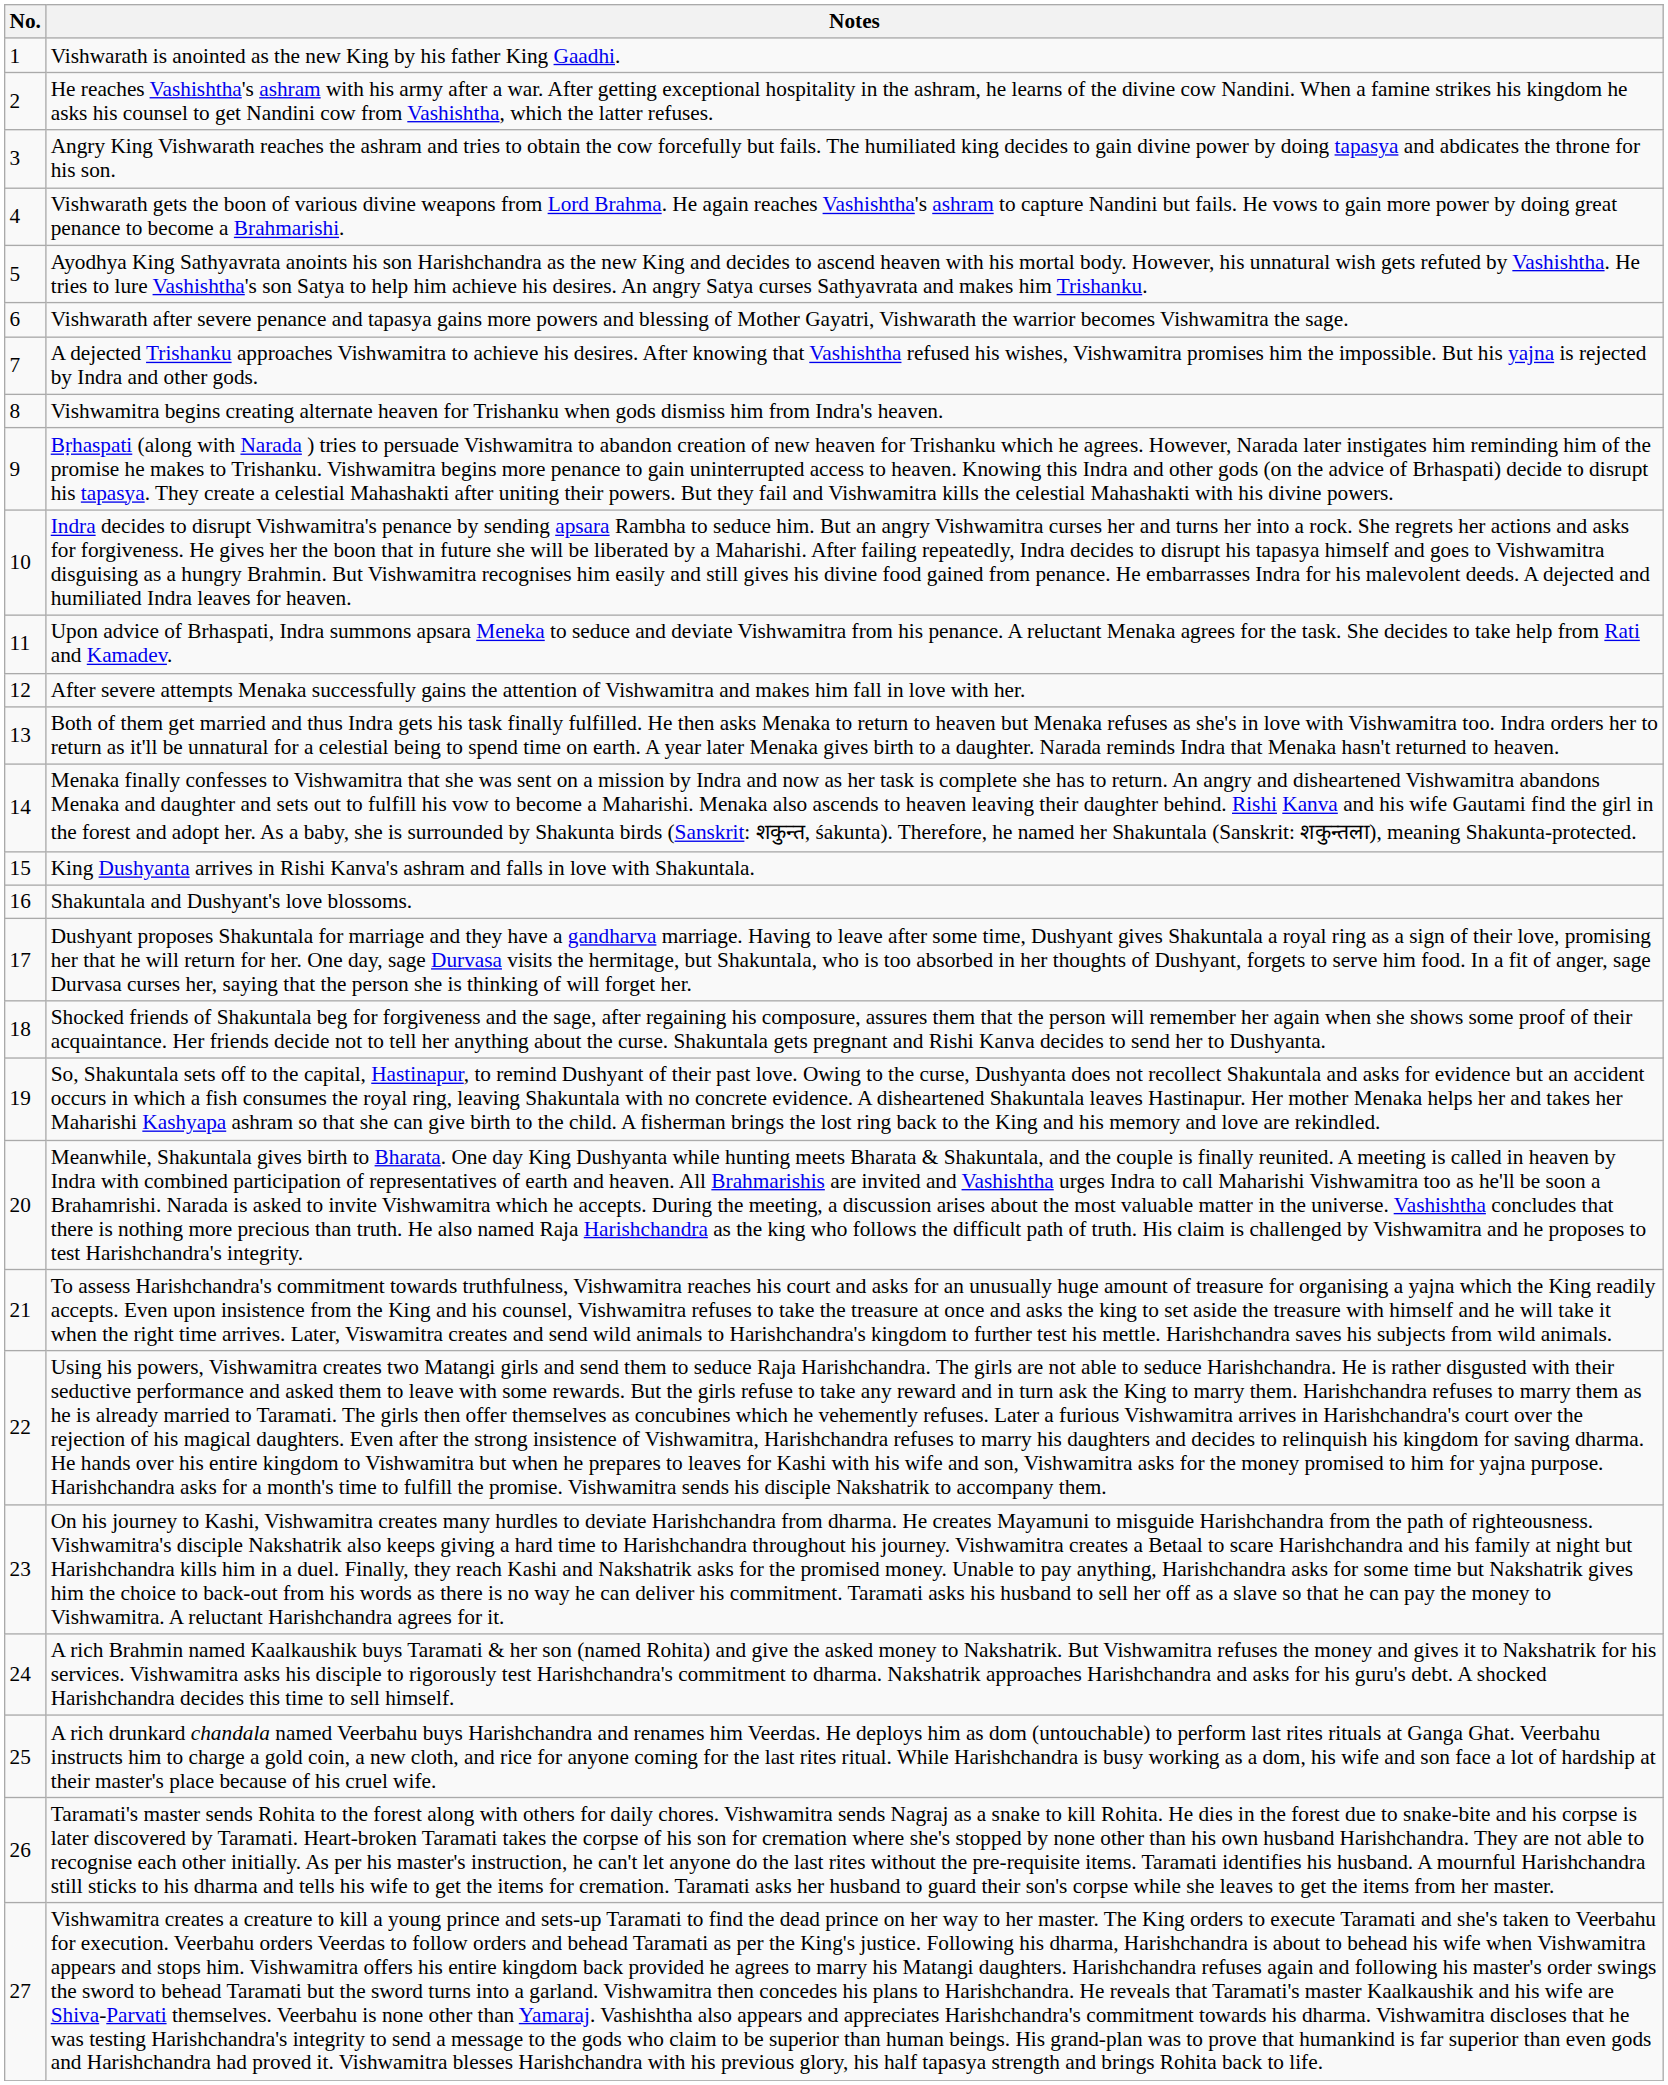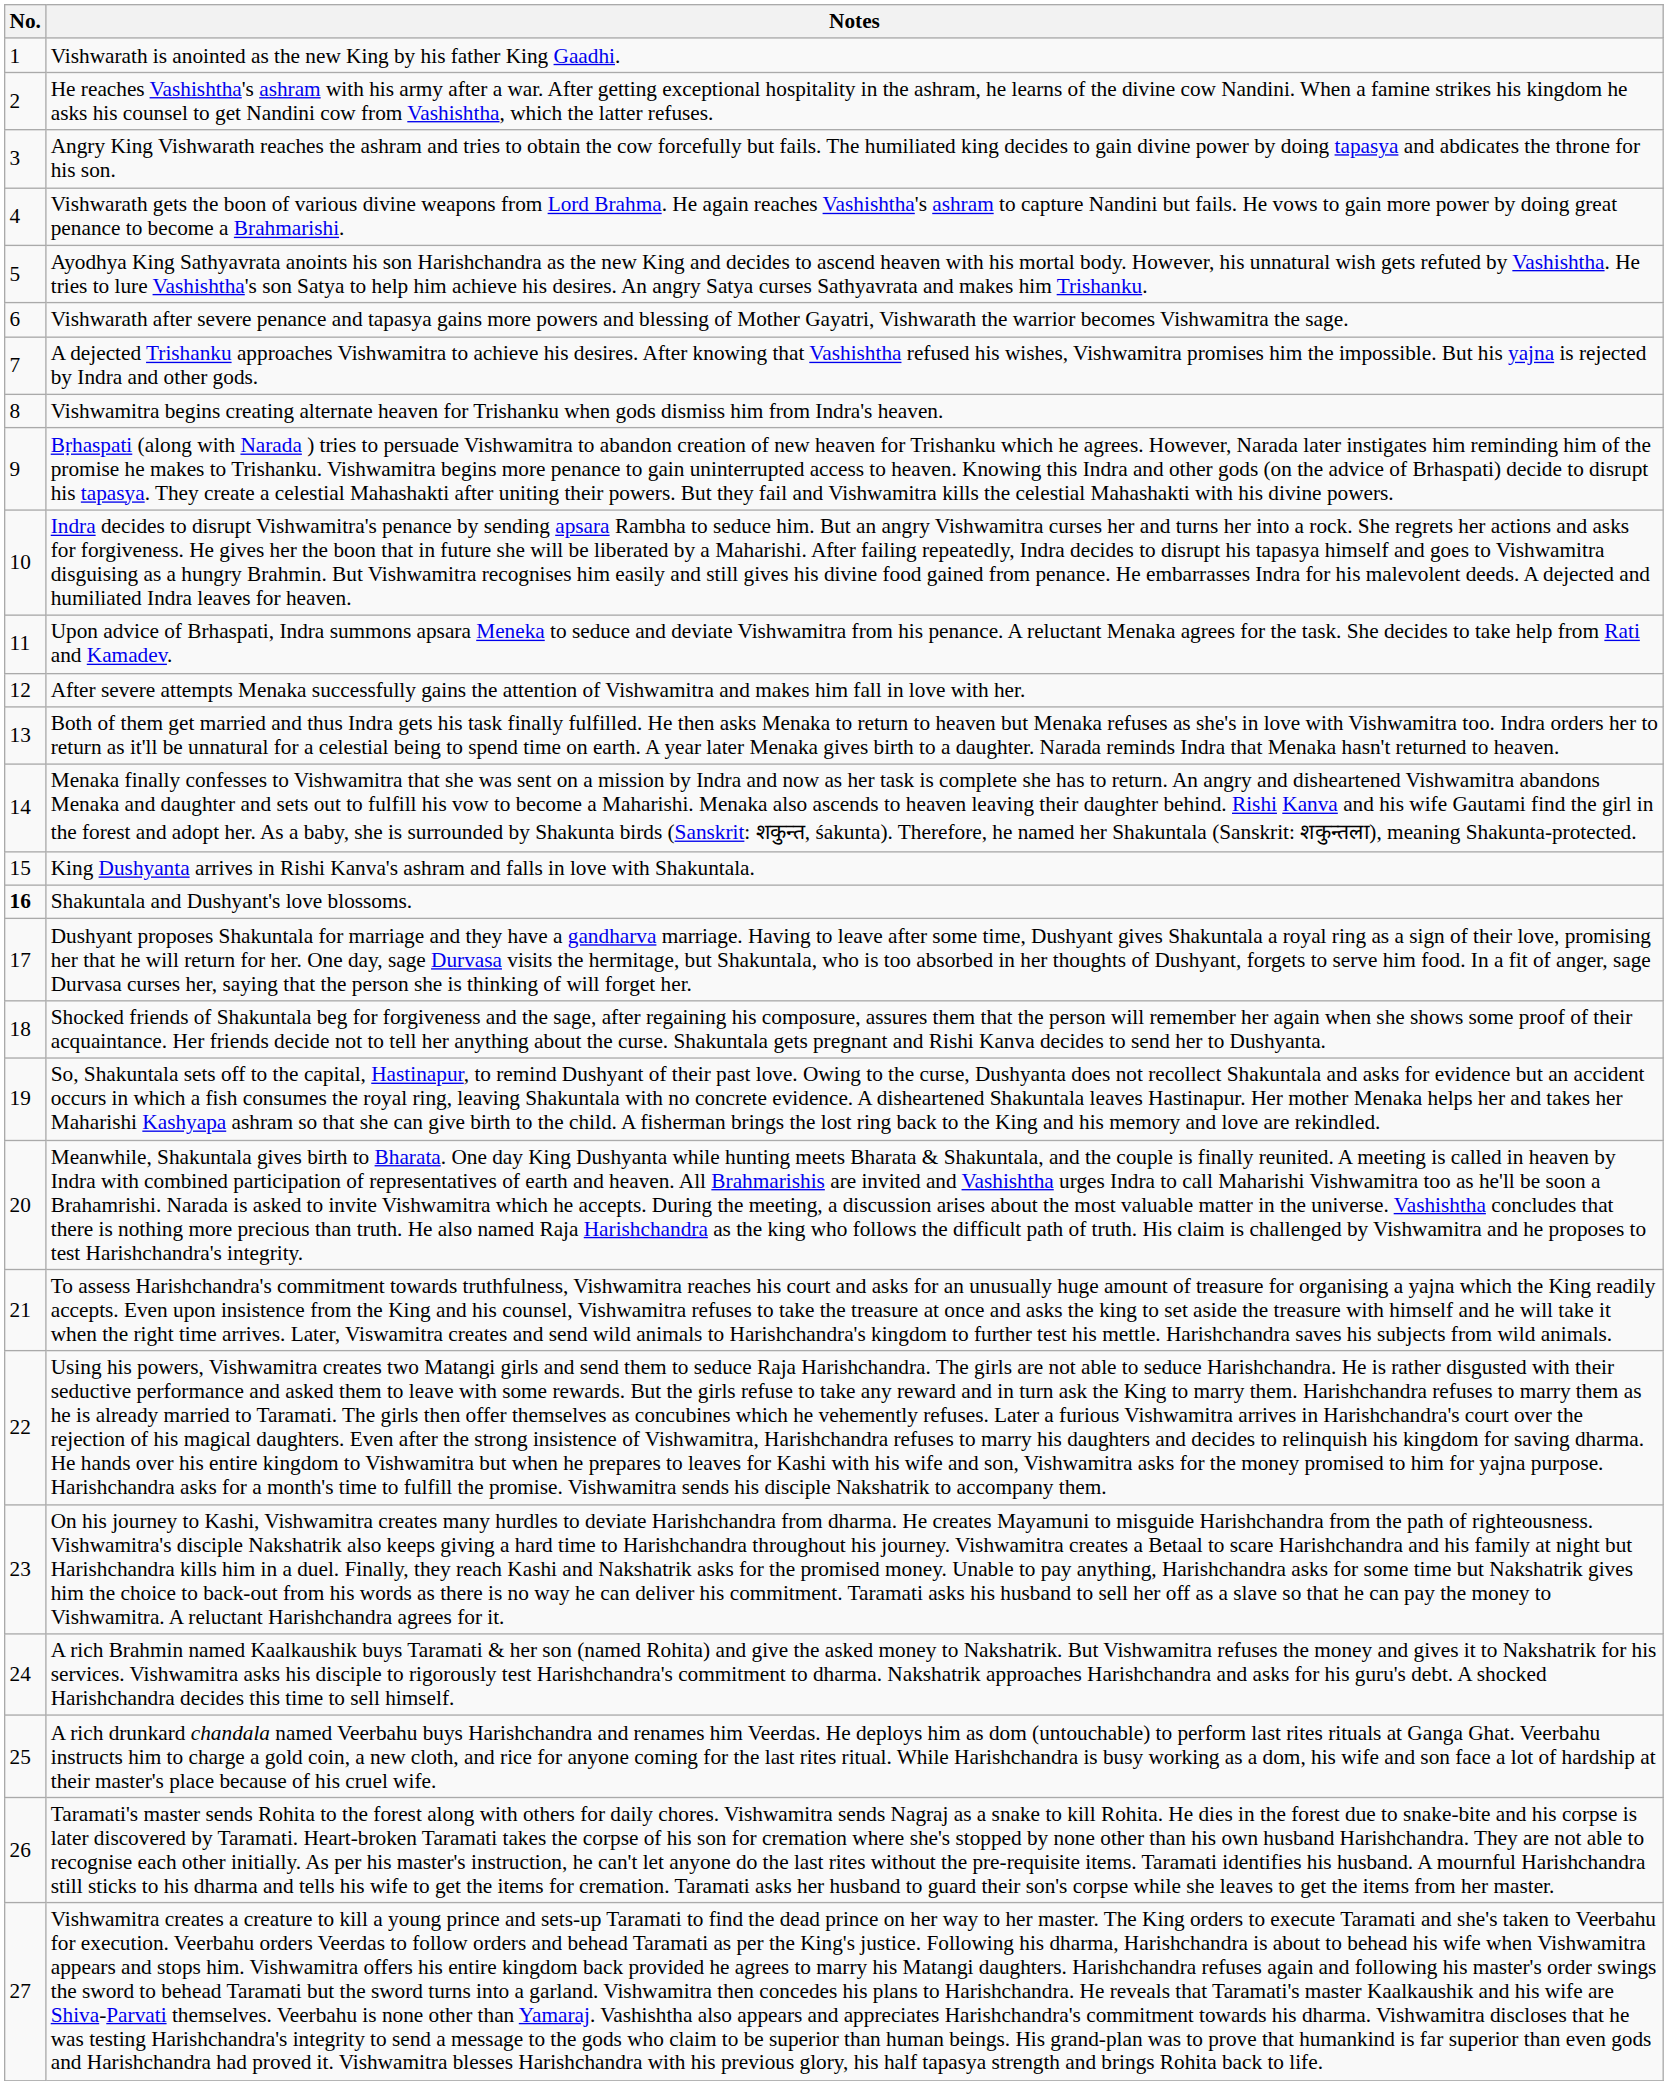 <table class="wikitable">
 <tr>
 <th>No.</th>
 <th>Notes</th>
 </tr>
 <tr>
 <td>1</td>
 <td>Vishwarath is anointed as the new King by his father King <a href='#'>Gaadhi</a>.</td>
 </tr>
 <tr>
 <td>2</td>
 <td>He reaches <a href='#'>Vashishtha</a>'s <a href='#'>ashram</a> with his army after a war. After getting exceptional hospitality in the ashram, he learns of the divine cow Nandini. When a famine strikes his kingdom he asks his counsel to get Nandini cow from <a href='#'>Vashishtha</a>, which the latter refuses.</td>
 </tr>
 <tr>
 <td>3</td>
 <td>Angry King Vishwarath reaches the ashram and tries to obtain the cow forcefully but fails. The humiliated king decides to gain divine power by doing <a href='#'>tapasya</a> and abdicates the throne for his son.</td>
 </tr>
 <tr>
 <td>4</td>
 <td>Vishwarath gets the boon of various divine weapons from <a href='#'>Lord Brahma</a>. He again reaches <a href='#'>Vashishtha</a>'s <a href='#'>ashram</a> to capture Nandini but fails. He vows to gain more power by doing great penance to become a <a href='#'>Brahmarishi</a>.</td>
 </tr>
 <tr>
 <td>5</td>
 <td>Ayodhya King Sathyavrata anoints his son Harishchandra as the new King and decides to ascend heaven with his mortal body. However, his unnatural wish gets refuted by <a href='#'>Vashishtha</a>. He tries to lure <a href='#'>Vashishtha</a>'s son Satya to help him achieve his desires. An angry Satya curses Sathyavrata and makes him <a href='#'>Trishanku</a>.</td>
 </tr>
 <tr>
 <td>6</td>
 <td>Vishwarath after severe penance and tapasya gains more powers and blessing of Mother Gayatri, Vishwarath the warrior becomes Vishwamitra the sage.</td>
 </tr>
 <tr>
 <td>7</td>
 <td>A dejected <a href='#'>Trishanku</a> approaches Vishwamitra to achieve his desires. After knowing that <a href='#'>Vashishtha</a> refused his wishes, Vishwamitra promises him the impossible. But his <a href='#'>yajna</a> is rejected by Indra and other gods.</td>
 </tr>
 <tr>
 <td>8</td>
 <td>Vishwamitra begins creating alternate heaven for Trishanku when gods dismiss him from Indra's heaven.</td>
 </tr>
 <tr>
 <td>9</td>
 <td><a href='#'>Bṛhaspati</a> (along with <a href='#'>Narada</a> ) tries to persuade Vishwamitra to abandon creation of new heaven for Trishanku which he agrees. However, Narada later instigates him reminding him of the promise he makes to Trishanku. Vishwamitra begins more penance to gain uninterrupted access to heaven. Knowing this Indra and other gods (on the advice of Brhaspati) decide to disrupt his <a href='#'>tapasya</a>. They create a celestial Mahashakti after uniting their powers. But they fail and Vishwamitra kills the celestial Mahashakti with his divine powers.</td>
 </tr>
 <tr>
 <td>10</td>
 <td><a href='#'>Indra</a> decides to disrupt Vishwamitra's penance by sending <a href='#'>apsara</a> Rambha to seduce him. But an angry Vishwamitra curses her and turns her into a rock. She regrets her actions and asks for forgiveness. He gives her the boon that in future she will be liberated by a Maharishi. After failing repeatedly, Indra decides to disrupt his tapasya himself and goes to Vishwamitra disguising as a hungry Brahmin. But Vishwamitra recognises him easily and still gives his divine food gained from penance. He embarrasses Indra for his malevolent deeds. A dejected and humiliated Indra leaves for heaven.</td>
 </tr>
 <tr>
 <td>11</td>
 <td>Upon advice of Brhaspati, Indra summons apsara <a href='#'>Meneka</a> to seduce and deviate Vishwamitra from his penance. A reluctant Menaka agrees for the task. She decides to take help from <a href='#'>Rati</a> and <a href='#'>Kamadev</a>.</td>
 </tr>
 <tr>
 <td>12</td>
 <td>After severe attempts Menaka successfully gains the attention of Vishwamitra and makes him fall in love with her.</td>
 </tr>
 <tr>
 <td>13</td>
 <td>Both of them get married and thus Indra gets his task finally fulfilled. He then asks Menaka to return to heaven but Menaka refuses as she's in love with Vishwamitra too. Indra orders her to return as it'll be unnatural for a celestial being to spend time on earth. A year later Menaka gives birth to a daughter. Narada reminds Indra that Menaka hasn't returned to heaven.</td>
 </tr>
 <tr>
 <td>14</td>
 <td>Menaka finally confesses to Vishwamitra that she was sent on a mission by Indra and now as her task is complete she has to return. An angry and disheartened Vishwamitra abandons Menaka and daughter and sets out to fulfill his vow to become a Maharishi. Menaka also ascends to heaven leaving their daughter behind. <a href='#'>Rishi</a> <a href='#'>Kanva</a> and his wife Gautami find the girl in the forest and adopt her. As a baby, she is surrounded by Shakunta birds (<a href='#'>Sanskrit</a>: शकुन्त, śakunta). Therefore, he named her Shakuntala (Sanskrit: शकुन्तला), meaning Shakunta-protected.</td>
 </tr>
 <tr>
 <td>15</td>
 <td>King <a href='#'>Dushyanta</a> arrives in Rishi Kanva's ashram and falls in love with Shakuntala.</td>
 </tr>
 <tr>
-<td>16</td>
+<td><strong>16</strong></td>
 <td>Shakuntala and Dushyant's love blossoms.</td>
 </tr>
 <tr>
 <td>17</td>
 <td>Dushyant proposes Shakuntala for marriage and they have a <a href='#'>gandharva</a> marriage. Having to leave after some time, Dushyant gives Shakuntala a royal ring as a sign of their love, promising her that he will return for her. One day, sage <a href='#'>Durvasa</a> visits the hermitage, but Shakuntala, who is too absorbed in her thoughts of Dushyant, forgets to serve him food. In a fit of anger, sage Durvasa curses her, saying that the person she is thinking of will forget her.</td>
 </tr>
 <tr>
 <td>18</td>
 <td>Shocked friends of Shakuntala beg for forgiveness and the sage, after regaining his composure, assures them that the person will remember her again when she shows some proof of their acquaintance. Her friends decide not to tell her anything about the curse. Shakuntala gets pregnant and Rishi Kanva decides to send her to Dushyanta.</td>
 </tr>
 <tr>
 <td>19</td>
 <td>So, Shakuntala sets off to the capital, <a href='#'>Hastinapur</a>, to remind Dushyant of their past love. Owing to the curse, Dushyanta does not recollect Shakuntala and asks for evidence but an accident occurs in which a fish consumes the royal ring, leaving Shakuntala with no concrete evidence. A disheartened Shakuntala leaves Hastinapur. Her mother Menaka helps her and takes her Maharishi <a href='#'>Kashyapa</a> ashram so that she can give birth to the child. A fisherman brings the lost ring back to the King and his memory and love are rekindled.</td>
 </tr>
 <tr>
 <td>20</td>
 <td>Meanwhile, Shakuntala gives birth to <a href='#'>Bharata</a>. One day King Dushyanta while hunting meets Bharata & Shakuntala, and the couple is finally reunited. A meeting is called in heaven by Indra with combined participation of representatives of earth and heaven. All <a href='#'>Brahmarishis</a> are invited and <a href='#'>Vashishtha</a> urges Indra to call Maharishi Vishwamitra too as he'll be soon a Brahamrishi. Narada is asked to invite Vishwamitra which he accepts. During the meeting, a discussion arises about the most valuable matter in the universe. <a href='#'>Vashishtha</a> concludes that there is nothing more precious than truth. He also named Raja <a href='#'>Harishchandra</a> as the king who follows the difficult path of truth. His claim is challenged by Vishwamitra and he proposes to test Harishchandra's integrity.</td>
 </tr>
 <tr>
 <td>21</td>
 <td>To assess Harishchandra's commitment towards truthfulness, Vishwamitra reaches his court and asks for an unusually huge amount of treasure for organising a yajna which the King readily accepts. Even upon insistence from the King and his counsel, Vishwamitra refuses to take the treasure at once and asks the king to set aside the treasure with himself and he will take it when the right time arrives. Later, Viswamitra creates and send wild animals to Harishchandra's kingdom to further test his mettle. Harishchandra saves his subjects from wild animals.</td>
 </tr>
 <tr>
 <td>22</td>
 <td>Using his powers, Vishwamitra creates two Matangi girls and send them to seduce Raja Harishchandra. The girls are not able to seduce Harishchandra. He is rather disgusted with their seductive performance and asked them to leave with some rewards. But the girls refuse to take any reward and in turn ask the King to marry them. Harishchandra refuses to marry them as he is already married to Taramati. The girls then offer themselves as concubines which he vehemently refuses. Later a furious Vishwamitra arrives in Harishchandra's court over the rejection of his magical daughters. Even after the strong insistence of Vishwamitra, Harishchandra refuses to marry his daughters and decides to relinquish his kingdom for saving dharma. He hands over his entire kingdom to Vishwamitra but when he prepares to leaves for Kashi with his wife and son, Vishwamitra asks for the money promised to him for yajna purpose. Harishchandra asks for a month's time to fulfill the promise. Vishwamitra sends his disciple Nakshatrik to accompany them.</td>
 </tr>
 <tr>
 <td>23</td>
 <td>On his journey to Kashi, Vishwamitra creates many hurdles to deviate Harishchandra from dharma. He creates Mayamuni to misguide Harishchandra from the  path of righteousness. Vishwamitra's disciple Nakshatrik also keeps giving a hard time to Harishchandra throughout his journey. Vishwamitra creates a Betaal to scare Harishchandra and his family at night but Harishchandra kills him in a duel. Finally, they reach Kashi and Nakshatrik asks for the promised money. Unable to pay anything, Harishchandra asks for some time but Nakshatrik gives him the choice to back-out from his words as there is no way he can deliver his commitment. Taramati asks his husband to sell her off as a slave so that he can pay the money to Vishwamitra. A reluctant Harishchandra agrees for it.</td>
 </tr>
 <tr>
 <td>24</td>
 <td>A rich Brahmin named Kaalkaushik buys Taramati & her son (named Rohita) and give the asked money to Nakshatrik. But Vishwamitra refuses the money and gives it to Nakshatrik for his services. Vishwamitra asks his disciple to rigorously test Harishchandra's commitment to dharma. Nakshatrik approaches Harishchandra and asks for his guru's debt. A shocked Harishchandra decides this time to sell himself.</td>
 </tr>
 <tr>
 <td>25</td>
 <td>A rich drunkard <em>chandala</em> named Veerbahu buys Harishchandra and renames him Veerdas. He deploys him as dom (untouchable) to perform last rites rituals at Ganga Ghat. Veerbahu instructs him to charge a gold coin, a new cloth, and rice for anyone coming for the last rites ritual. While Harishchandra is busy working as a dom, his wife and son face a lot of hardship at their master's place because of his cruel wife.</td>
 </tr>
 <tr>
 <td>26</td>
 <td>Taramati's master sends Rohita to the forest along with others for daily chores. Vishwamitra sends Nagraj as a snake to kill Rohita. He dies in the forest due to snake-bite and his corpse is later discovered by Taramati. Heart-broken Taramati takes the corpse of his son for cremation where she's stopped by none other than his own husband Harishchandra. They are not able to recognise each other initially. As per his master's instruction, he can't let anyone do the last rites without the pre-requisite items. Taramati identifies his husband. A mournful Harishchandra still sticks to his dharma and tells his wife to get the items for cremation. Taramati asks her husband to guard their son's corpse while she leaves to get the items from her master.</td>
 </tr>
 <tr>
 <td>27</td>
 <td>Vishwamitra creates a creature to kill a young prince and sets-up Taramati to find the dead prince on her way to her master. The King orders to execute Taramati and she's taken to Veerbahu for execution. Veerbahu orders Veerdas to follow orders and behead Taramati as per the King's justice. Following his dharma, Harishchandra is about to behead his wife when Vishwamitra appears and stops him. Vishwamitra offers his entire kingdom back provided he agrees to marry his Matangi daughters. Harishchandra refuses again and following his master's order swings the sword to behead Taramati but the sword turns into a garland. Vishwamitra then concedes his plans to Harishchandra. He reveals that Taramati's master Kaalkaushik and his wife are <a href='#'>Shiva</a>-<a href='#'>Parvati</a> themselves. Veerbahu is none other than <a href='#'>Yamaraj</a>. Vashishtha also appears and appreciates Harishchandra's commitment towards his dharma. Vishwamitra discloses that he was testing Harishchandra's integrity to send a message to the gods who claim to be superior than human beings. His grand-plan was to prove that humankind is far superior than even gods and Harishchandra had proved it. Vishwamitra blesses Harishchandra with his previous glory, his half tapasya strength and brings Rohita back to life.</td>
 </tr>
 </table>
